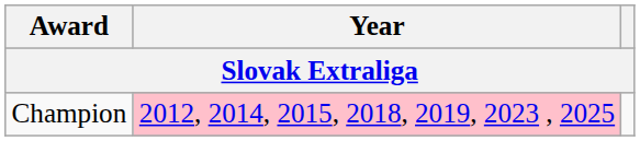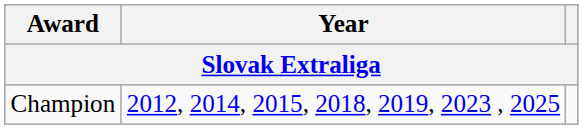 <table class="wikitable">
 <tr>
 <th>Award</th>
 <th>Year</th>
 <th></th>
 </tr>
 <tr>
 <th colspan="3"><a href='#'>Slovak Extraliga</a></th>
 </tr>
 <tr>
 <td>Champion</td>
-<td style="background: pink;"><a href='#'>2012</a>, <a href='#'>2014</a>, <a href='#'>2015</a>, <a href='#'>2018</a>, <a href='#'>2019</a>, <a href='#'>2023</a> , <a href='#'>2025</a></td>
+<td><a href='#'>2012</a>, <a href='#'>2014</a>, <a href='#'>2015</a>, <a href='#'>2018</a>, <a href='#'>2019</a>, <a href='#'>2023</a> , <a href='#'>2025</a></td>
 <td></td>
 </tr>
 </table>
